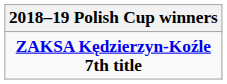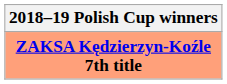 <table class=wikitable style="text-align:center; margin:auto">
 <tr>
 <th>2018–19 Polish Cup winners</th>
 </tr>
 <tr>
-<td><strong><a href='#'>ZAKSA Kędzierzyn-Koźle</a></strong><br><strong>7th title</strong></td>
+<td style="background: lightsalmon;"><strong><a href='#'>ZAKSA Kędzierzyn-Koźle</a></strong><br><strong>7th title</strong></td>
 </tr>
 </table>
